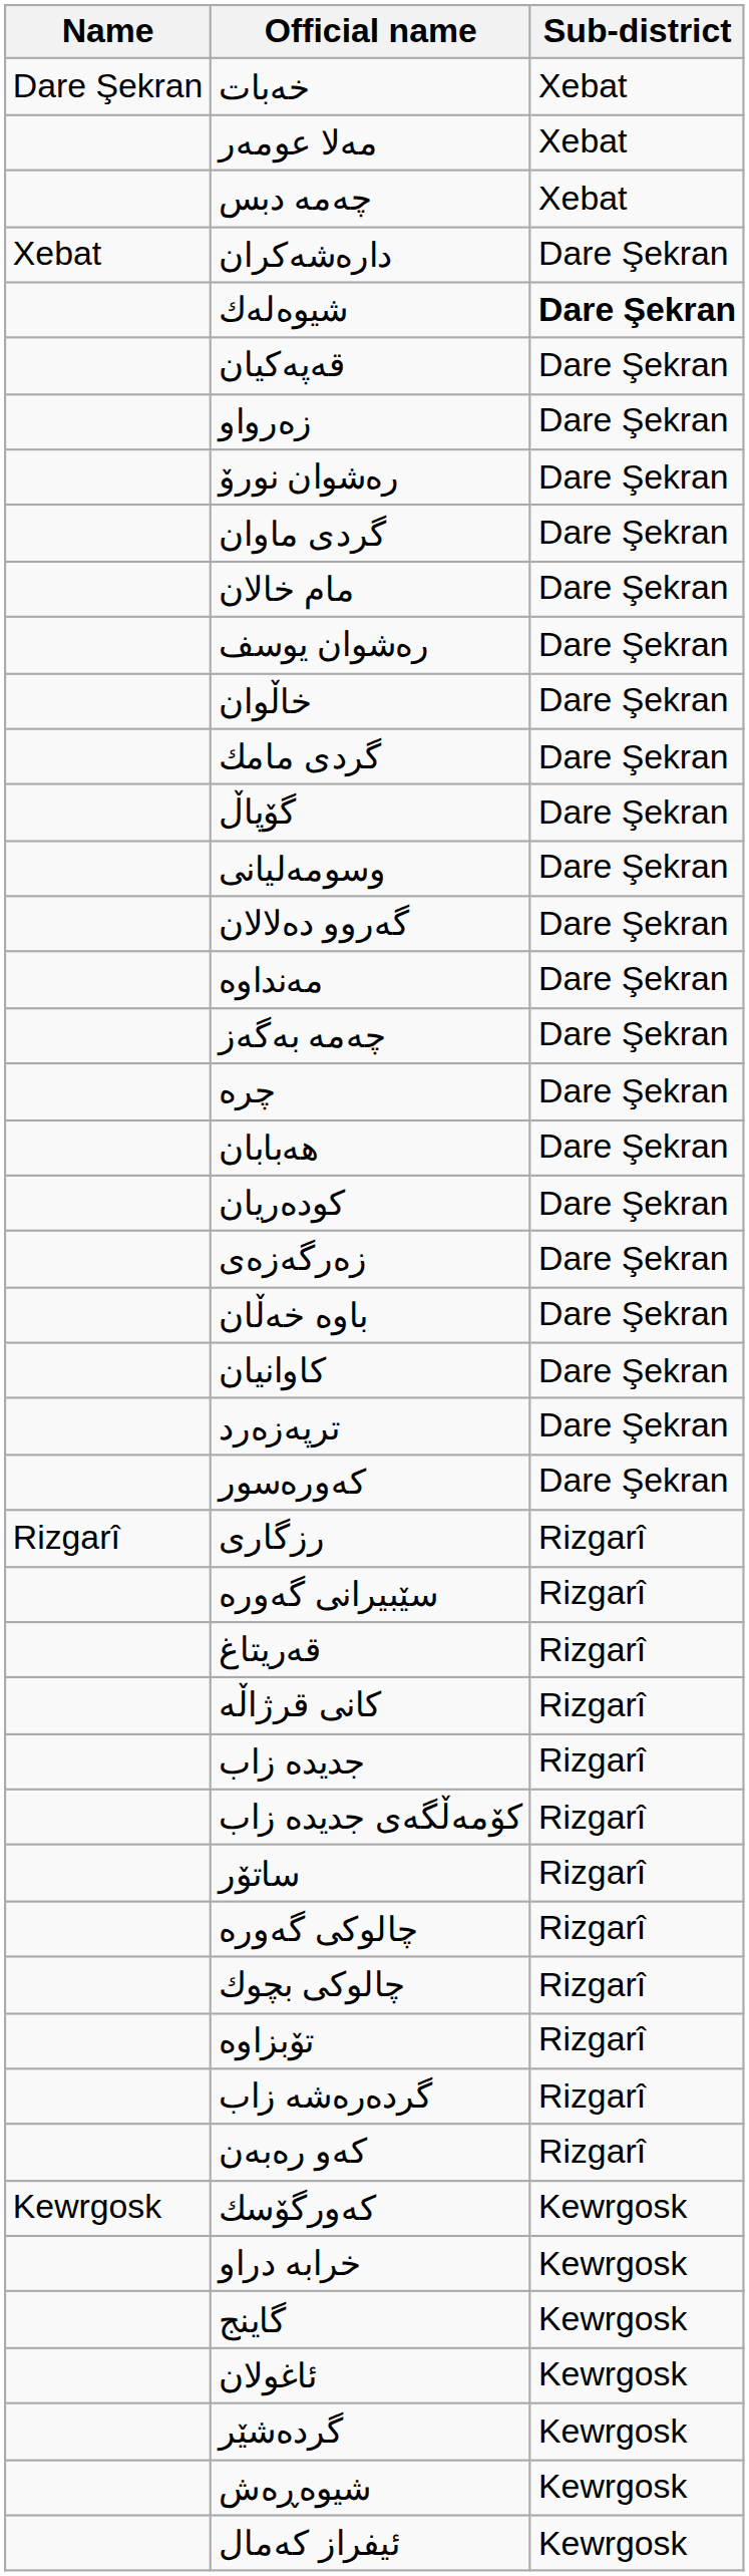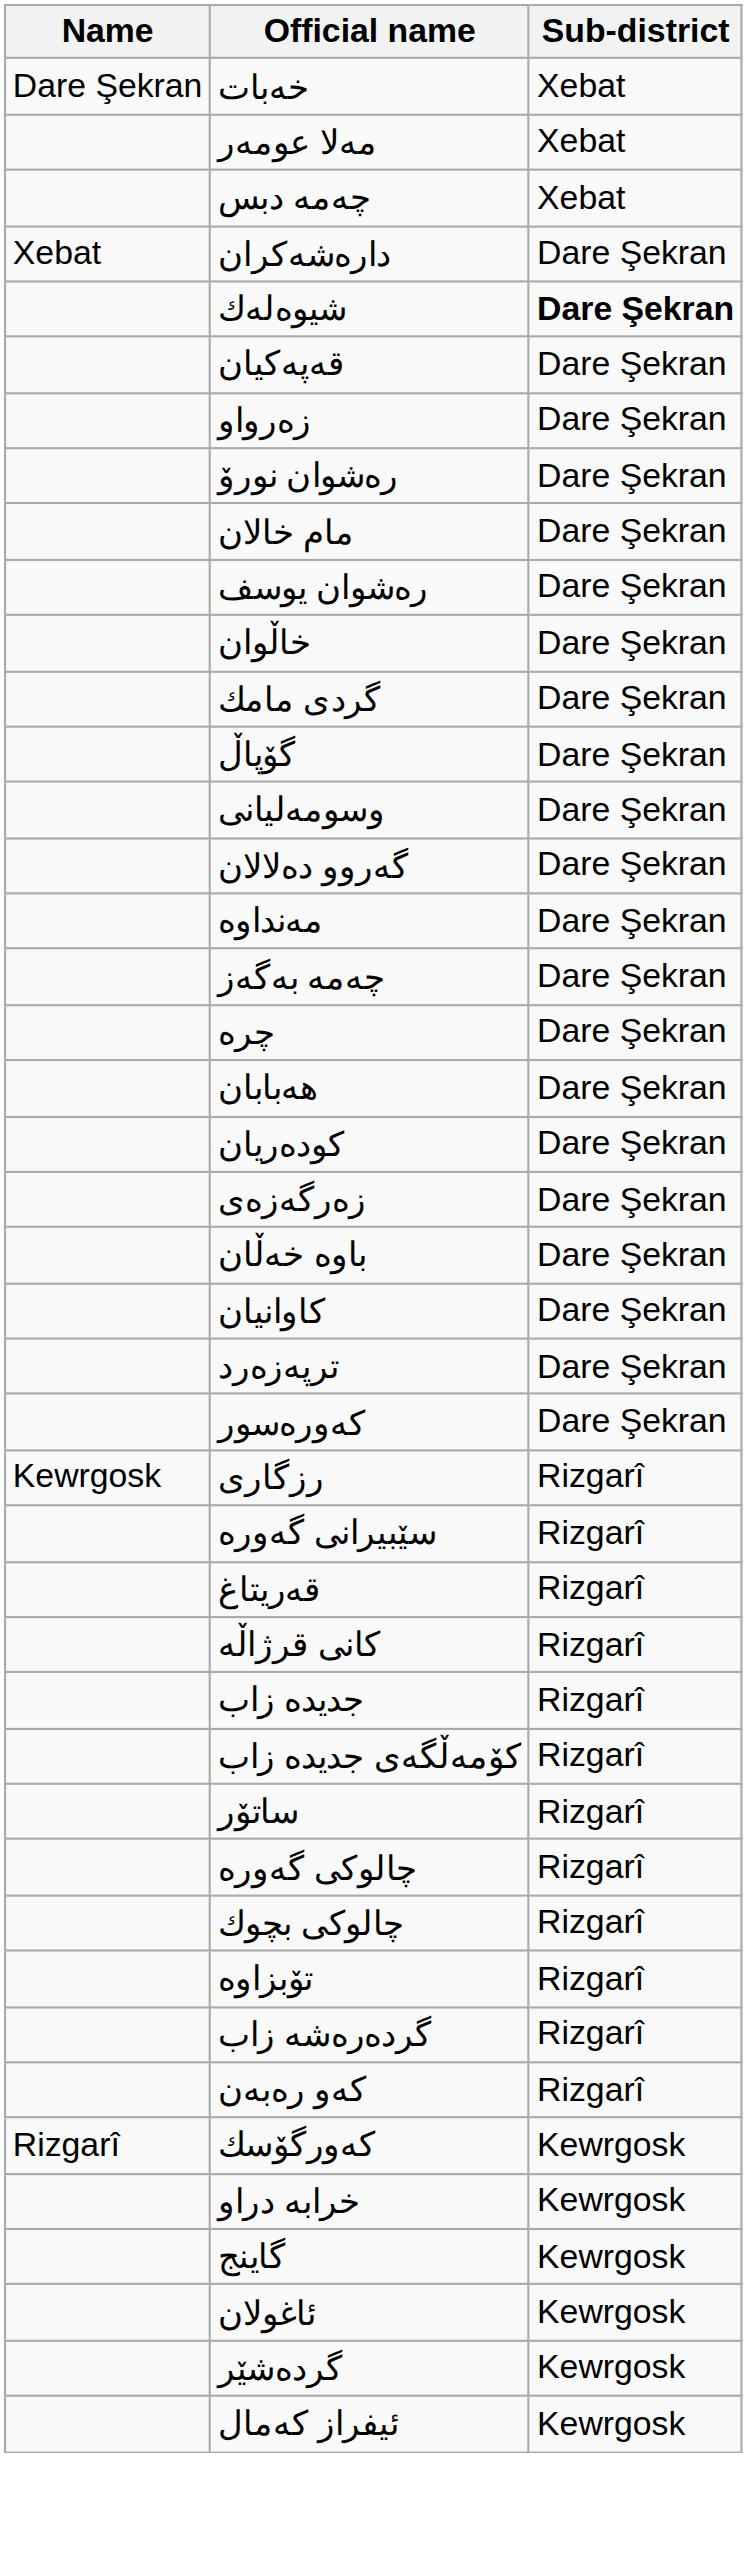 <table class="wikitable">
 <tr>
 <th>Name</th>
 <th>Official name</th>
 <th>Sub-district</th>
 </tr>
 <tr>
 <td>Dare Şekran</td>
 <td>خه‌بات</td>
 <td>Xebat</td>
 </tr>
 <tr>
 <td></td>
 <td>مه‌لا عومه‌ر</td>
 <td>Xebat</td>
 </tr>
 <tr>
 <td></td>
 <td>چه‌مه‌ دبس</td>
 <td>Xebat</td>
 </tr>
 <tr>
 <td>Xebat</td>
 <td>داره‌شه‌كران</td>
 <td>Dare Şekran</td>
 </tr>
 <tr>
 <td></td>
 <td>شيوه‌له‌ك</td>
 <td><strong>Dare Şekran</strong></td>
 </tr>
 <tr>
 <td></td>
 <td>قه‌په‌كيان</td>
 <td>Dare Şekran</td>
 </tr>
 <tr>
 <td></td>
 <td>زه‌رواو</td>
 <td>Dare Şekran</td>
 </tr>
 <tr>
 <td></td>
 <td>ره‌شوان نورۆ</td>
-<td>Dare Şekran</td>
-</tr>
-<tr>
-<td></td>
-<td>گردى ماوان</td>
 <td>Dare Şekran</td>
 </tr>
 <tr>
 <td></td>
 <td>مام خالان</td>
 <td>Dare Şekran</td>
 </tr>
 <tr>
 <td></td>
 <td>ره‌شوان يوسف</td>
 <td>Dare Şekran</td>
 </tr>
 <tr>
 <td></td>
 <td>خاڵوان</td>
 <td>Dare Şekran</td>
 </tr>
 <tr>
 <td></td>
 <td>گردى مامك</td>
 <td>Dare Şekran</td>
 </tr>
 <tr>
 <td></td>
 <td>گۆپاڵ</td>
 <td>Dare Şekran</td>
 </tr>
 <tr>
 <td></td>
 <td>وسومه‌ليانى</td>
 <td>Dare Şekran</td>
 </tr>
 <tr>
 <td></td>
 <td>گه‌روو ده‌لالان</td>
 <td>Dare Şekran</td>
 </tr>
 <tr>
 <td></td>
 <td>مه‌نداوه‌</td>
 <td>Dare Şekran</td>
 </tr>
 <tr>
 <td></td>
 <td>چه‌مه‌ به‌گه‌ز</td>
 <td>Dare Şekran</td>
 </tr>
 <tr>
 <td></td>
 <td>چره‌</td>
 <td>Dare Şekran</td>
 </tr>
 <tr>
 <td></td>
 <td>هه‌بابان</td>
 <td>Dare Şekran</td>
 </tr>
 <tr>
 <td></td>
 <td>كوده‌ريان</td>
 <td>Dare Şekran</td>
 </tr>
 <tr>
 <td></td>
 <td>زه‌رگه‌زه‌ى</td>
 <td>Dare Şekran</td>
 </tr>
 <tr>
 <td></td>
 <td>باوه‌ خه‌ڵان</td>
 <td>Dare Şekran</td>
 </tr>
 <tr>
 <td></td>
 <td>كاوانيان</td>
 <td>Dare Şekran</td>
 </tr>
 <tr>
 <td></td>
 <td>ترپه‌زه‌رد</td>
 <td>Dare Şekran</td>
 </tr>
 <tr>
 <td></td>
 <td>كه‌وره‌سور</td>
 <td>Dare Şekran</td>
 </tr>
 <tr>
-<td>Rizgarî</td>
+<td>Kewrgosk</td>
 <td>رزگارى</td>
 <td>Rizgarî</td>
 </tr>
 <tr>
 <td></td>
 <td>سێبيرانى گه‌وره‌</td>
 <td>Rizgarî</td>
 </tr>
 <tr>
 <td></td>
 <td>قه‌ريتاغ</td>
 <td>Rizgarî</td>
 </tr>
 <tr>
 <td></td>
 <td>كانى قرژاڵه‌</td>
 <td>Rizgarî</td>
 </tr>
 <tr>
 <td></td>
 <td>جديده‌ زاب</td>
 <td>Rizgarî</td>
 </tr>
 <tr>
 <td></td>
 <td>كۆمه‌ڵگه‌ى جديده‌ زاب</td>
 <td>Rizgarî</td>
 </tr>
 <tr>
 <td></td>
 <td>ساتۆر</td>
 <td>Rizgarî</td>
 </tr>
 <tr>
 <td></td>
 <td>چالوكى گه‌وره‌</td>
 <td>Rizgarî</td>
 </tr>
 <tr>
 <td></td>
 <td>چالوكى بچوك</td>
 <td>Rizgarî</td>
 </tr>
 <tr>
 <td></td>
 <td>تۆبزاوه‌</td>
 <td>Rizgarî</td>
 </tr>
 <tr>
 <td></td>
 <td>گرده‌ره‌شه‌ زاب</td>
 <td>Rizgarî</td>
 </tr>
 <tr>
 <td></td>
 <td>كه‌و ره‌به‌ن</td>
 <td>Rizgarî</td>
 </tr>
 <tr>
-<td>Kewrgosk</td>
+<td>Rizgarî</td>
 <td>كه‌ورگۆسك</td>
 <td>Kewrgosk</td>
 </tr>
 <tr>
 <td></td>
 <td>خرابه‌ دراو</td>
 <td>Kewrgosk</td>
 </tr>
 <tr>
 <td></td>
 <td>گاينج</td>
 <td>Kewrgosk</td>
 </tr>
 <tr>
 <td></td>
 <td>ئاغولان</td>
 <td>Kewrgosk</td>
 </tr>
 <tr>
 <td></td>
 <td>گرده‌شێر</td>
 <td>Kewrgosk</td>
 </tr>
 <tr>
 <td></td>
-<td>شيوه‌ڕه‌ش</td>
-<td>Kewrgosk</td>
-</tr>
-<tr>
-<td></td>
 <td>ئيفراز كه‌مال</td>
 <td>Kewrgosk</td>
 </tr>
 </table>
